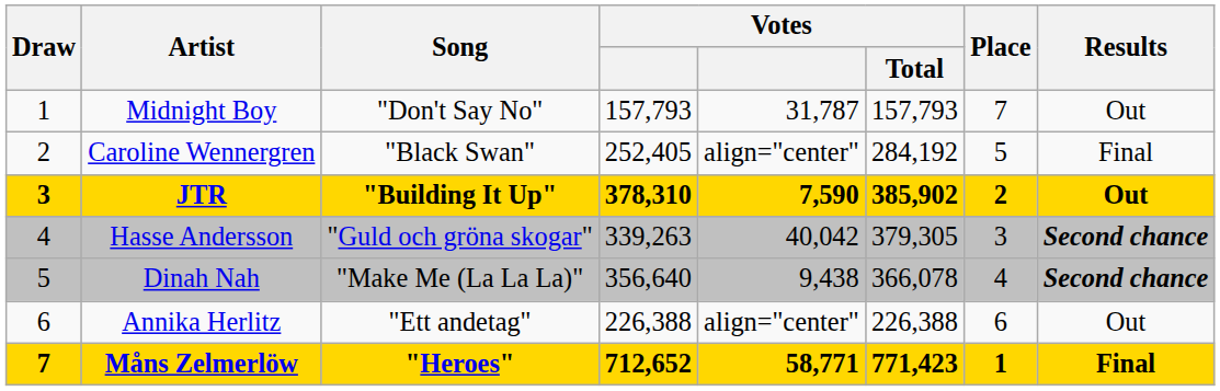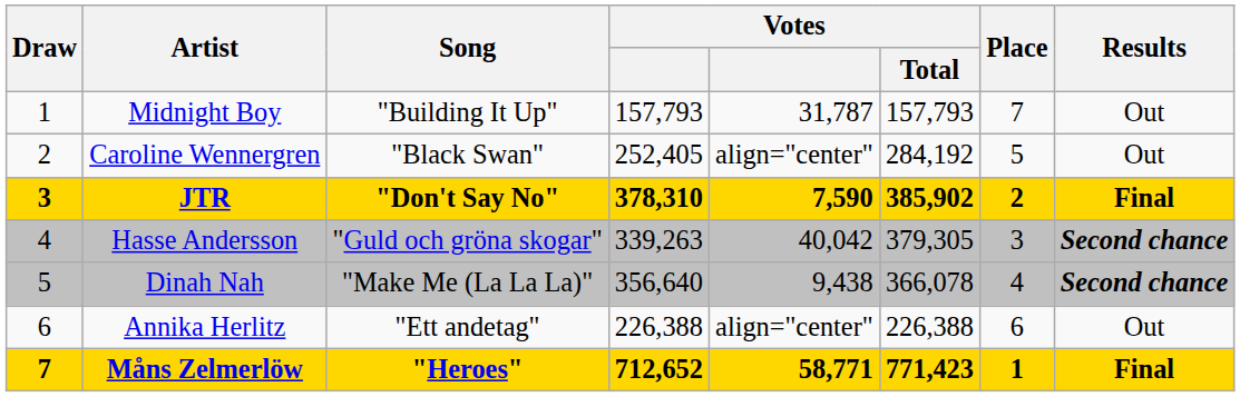 <table class="sortable wikitable" style="margin: 1em auto 1em auto; text-align:center;">
 <tr>
 <th rowspan="2">Draw</th>
 <th rowspan="2">Artist</th>
 <th rowspan="2">Song</th>
 <th colspan="3">Votes</th>
 <th rowspan="2">Place</th>
 <th rowspan="2">Results</th>
 </tr>
 <tr>
 <th></th>
 <th></th>
 <th>Total</th>
 </tr>
 <tr>
 <td>1</td>
 <td><a href='#'>Midnight Boy</a></td>
-<td>"Don't Say No"</td>
+<td>"Building It Up"</td>
 <td align="right">157,793</td>
 <td align="right">31,787</td>
 <td align="right">157,793</td>
 <td align="center">7</td>
 <td>Out</td>
 </tr>
 <tr>
 <td>2</td>
 <td><a href='#'>Caroline Wennergren</a></td>
 <td>"Black Swan"</td>
 <td align="right">252,405</td>
 <td>align="center" </td>
 <td align="right">284,192</td>
 <td align="center">5</td>
-<td>Final</td>
+<td>Out</td>
 </tr>
 <tr style="font-weight:bold;background:gold;">
 <td>3</td>
 <td><a href='#'>JTR</a></td>
-<td>"Building It Up"</td>
+<td>"Don't Say No"</td>
 <td align="right">378,310</td>
 <td align="right">7,590</td>
 <td align="right">385,902</td>
 <td align="center">2</td>
-<td>Out</td>
+<td>Final</td>
 </tr>
 <tr bgcolor="silver">
 <td>4</td>
 <td><a href='#'>Hasse Andersson</a></td>
 <td>"<a href='#'>Guld och gröna skogar</a>"</td>
 <td align="right">339,263</td>
 <td align="right">40,042</td>
 <td align="right">379,305</td>
 <td align="center">3</td>
 <td><strong><em>Second chance</em></strong></td>
 </tr>
 <tr bgcolor="silver">
 <td>5</td>
 <td><a href='#'>Dinah Nah</a></td>
 <td>"Make Me (La La La)"</td>
 <td align="right">356,640</td>
 <td align="right">9,438</td>
 <td align="right">366,078</td>
 <td align="center">4</td>
 <td><strong><em>Second chance</em></strong></td>
 </tr>
 <tr>
 <td>6</td>
 <td><a href='#'>Annika Herlitz</a></td>
 <td>"Ett andetag"</td>
 <td align="right">226,388</td>
 <td>align="center" </td>
 <td align="right">226,388</td>
 <td align="center">6</td>
 <td>Out</td>
 </tr>
 <tr style="font-weight:bold;background:gold;">
 <td>7</td>
 <td><a href='#'>Måns Zelmerlöw</a></td>
 <td>"<a href='#'>Heroes</a>"</td>
 <td align="right">712,652</td>
 <td align="right">58,771</td>
 <td align="right">771,423</td>
 <td align="center">1</td>
 <td>Final</td>
 </tr>
 </table>
